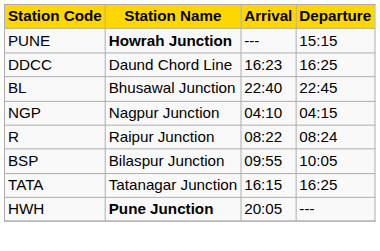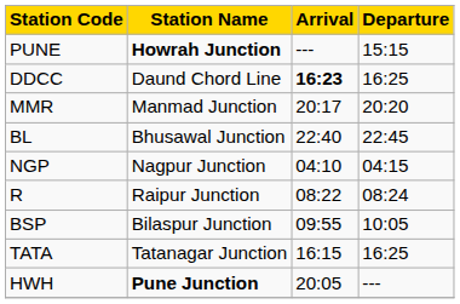 <table class="wikitable">
 <tr>
 <th style="background:gold;">Station Code</th>
 <th ! style="background:gold;">Station Name</th>
 <th ! style="background:gold;">Arrival</th>
 <th ! style="background:gold;">Departure</th>
 </tr>
 <tr>
 <td>PUNE</td>
 <td><strong>Howrah Junction</strong></td>
 <td>---</td>
 <td>15:15</td>
 </tr>
 <tr>
 <td>DDCC</td>
 <td>Daund Chord Line</td>
-<td>16:23</td>
+<td><strong>16:23</strong></td>
 <td>16:25</td>
+</tr>
+<tr>
+<td>MMR</td>
+<td>Manmad Junction</td>
+<td>20:17</td>
+<td>20:20</td>
 </tr>
 <tr>
 <td>BL</td>
 <td>Bhusawal Junction</td>
 <td>22:40</td>
 <td>22:45</td>
 </tr>
 <tr>
 <td>NGP</td>
 <td>Nagpur Junction</td>
 <td>04:10</td>
 <td>04:15</td>
 </tr>
 <tr>
 <td>R</td>
 <td>Raipur Junction</td>
 <td>08:22</td>
 <td>08:24</td>
 </tr>
 <tr>
 <td>BSP</td>
 <td>Bilaspur Junction</td>
 <td>09:55</td>
 <td>10:05</td>
 </tr>
 <tr>
 <td>TATA</td>
 <td>Tatanagar Junction</td>
 <td>16:15</td>
 <td>16:25</td>
 </tr>
 <tr>
 <td>HWH</td>
 <td><strong>Pune Junction</strong></td>
 <td>20:05</td>
 <td>---</td>
 </tr>
 <tr>
 </tr>
 </table>
